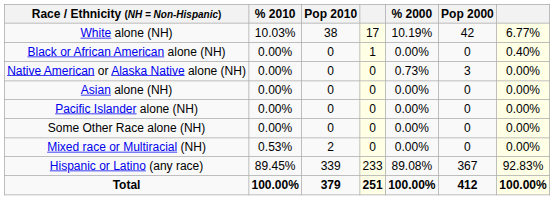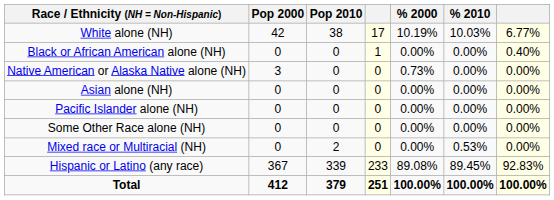 <table class="wikitable" style="text-align:center;">
 <tr>
 <th>Race / Ethnicity <small>(<em>NH = Non-Hispanic</em>)</small></th>
-<th>% 2010</th>
+<th>Pop 2000</th>
 <th>Pop 2010</th>
 <th></th>
 <th>% 2000</th>
-<th>Pop 2000</th>
+<th>% 2010</th>
 <th></th>
 </tr>
 <tr>
 <td><a href='#'>White</a> alone (NH)</td>
-<td>10.03%</td>
+<td>42</td>
 <td>38</td>
 <td style='background: #ffffe6;'>17</td>
 <td>10.19%</td>
-<td>42</td>
+<td>10.03%</td>
 <td style='background: #ffffe6;'>6.77%</td>
 </tr>
 <tr>
 <td><a href='#'>Black or African American</a> alone (NH)</td>
-<td>0.00%</td>
+<td>0</td>
 <td>0</td>
 <td style='background: #ffffe6;'>1</td>
 <td>0.00%</td>
-<td>0</td>
+<td>0.00%</td>
 <td style='background: #ffffe6;'>0.40%</td>
 </tr>
 <tr>
 <td><a href='#'>Native American</a> or <a href='#'>Alaska Native</a> alone (NH)</td>
-<td>0.00%</td>
+<td>3</td>
 <td>0</td>
 <td style='background: #ffffe6;'>0</td>
 <td>0.73%</td>
-<td>3</td>
+<td>0.00%</td>
 <td style='background: #ffffe6;'>0.00%</td>
 </tr>
 <tr>
 <td><a href='#'>Asian</a> alone (NH)</td>
-<td>0.00%</td>
+<td>0</td>
 <td>0</td>
 <td style='background: #ffffe6;'>0</td>
 <td>0.00%</td>
-<td>0</td>
+<td>0.00%</td>
 <td style='background: #ffffe6;'>0.00%</td>
 </tr>
 <tr>
 <td><a href='#'>Pacific Islander</a> alone (NH)</td>
-<td>0.00%</td>
+<td>0</td>
 <td>0</td>
 <td style='background: #ffffe6;'>0</td>
 <td>0.00%</td>
-<td>0</td>
+<td>0.00%</td>
 <td style='background: #ffffe6;'>0.00%</td>
 </tr>
 <tr>
 <td>Some Other Race alone (NH)</td>
-<td>0.00%</td>
+<td>0</td>
 <td>0</td>
 <td style='background: #ffffe6;'>0</td>
 <td>0.00%</td>
-<td>0</td>
+<td>0.00%</td>
 <td style='background: #ffffe6;'>0.00%</td>
 </tr>
 <tr>
 <td><a href='#'>Mixed race or Multiracial</a> (NH)</td>
-<td>0.53%</td>
+<td>0</td>
 <td>2</td>
 <td style='background: #ffffe6;'>0</td>
 <td>0.00%</td>
-<td>0</td>
+<td>0.53%</td>
 <td style='background: #ffffe6;'>0.00%</td>
 </tr>
 <tr>
 <td><a href='#'>Hispanic or Latino</a> (any race)</td>
-<td>89.45%</td>
+<td>367</td>
 <td>339</td>
 <td style='background: #ffffe6;'>233</td>
 <td>89.08%</td>
-<td>367</td>
+<td>89.45%</td>
 <td style='background: #ffffe6;'>92.83%</td>
 </tr>
 <tr>
 <td><strong>Total</strong></td>
-<td><strong>100.00%</strong></td>
+<td><strong>412</strong></td>
 <td><strong>379</strong></td>
 <td style='background: #ffffe6;'><strong>251</strong></td>
 <td><strong>100.00%</strong></td>
-<td><strong>412</strong></td>
+<td><strong>100.00%</strong></td>
 <td style='background: #ffffe6;'><strong>100.00%</strong></td>
 </tr>
 </table>
